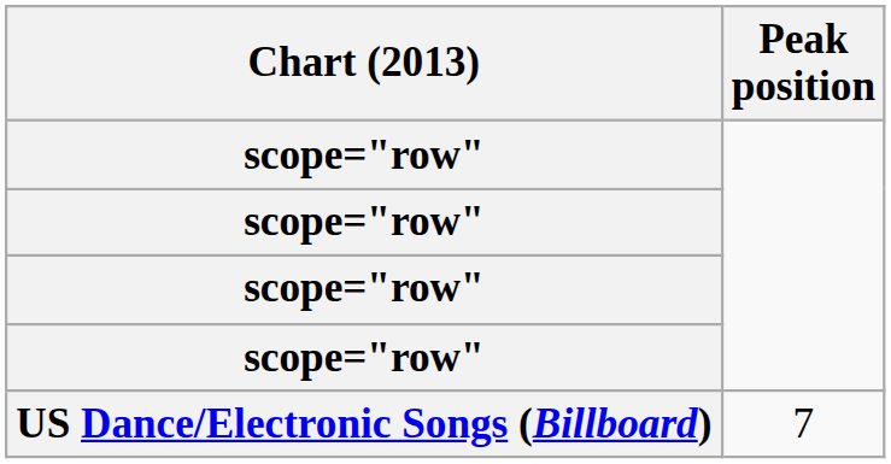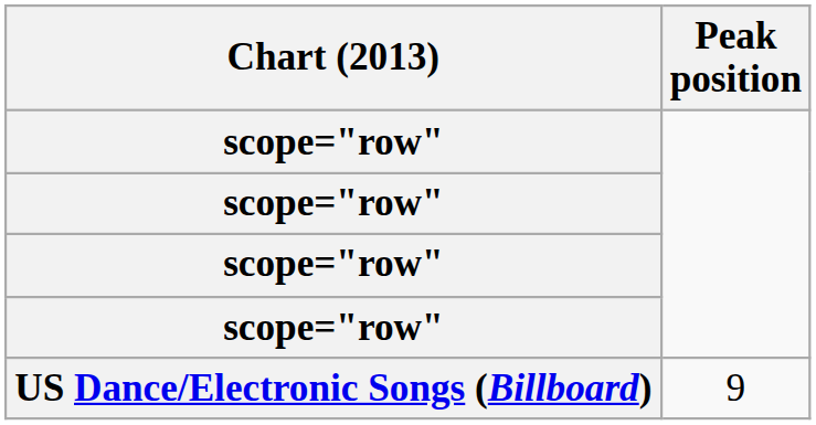 <table class="wikitable sortable plainrowheaders" style="text-align:center">
 <tr>
 <th scope="col">Chart (2013)</th>
 <th scope="col">Peak<br>position</th>
 </tr>
 <tr>
 <th>scope="row" </th>
 </tr>
 <tr>
 <th>scope="row" </th>
 </tr>
 <tr>
 <th>scope="row" </th>
 </tr>
 <tr>
 <th>scope="row" </th>
 </tr>
 <tr>
 <th scope="row">US <a href='#'>Dance/Electronic Songs</a> (<em><a href='#'>Billboard</a></em>)</th>
-<td>7</td>
+<td>9</td>
 </tr>
 </table>
